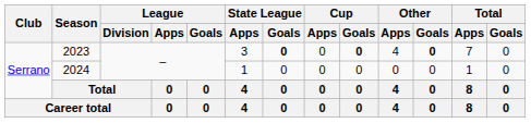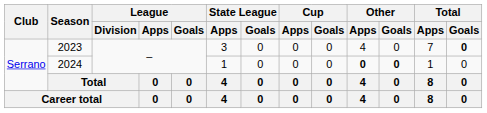 <table class=wikitable style=text-align:center>
 <tr>
 <th rowspan=2>Club</th>
 <th rowspan=2>Season</th>
 <th colspan=3>League</th>
 <th colspan=2>State League</th>
 <th colspan=2>Cup</th>
 <th colspan=2>Other</th>
 <th colspan=2>Total</th>
 </tr>
 <tr>
 <th>Division</th>
 <th>Apps</th>
 <th>Goals</th>
 <th>Apps</th>
 <th>Goals</th>
 <th>Apps</th>
 <th>Goals</th>
 <th>Apps</th>
 <th>Goals</th>
 <th>Apps</th>
 <th>Goals</th>
 </tr>
 <tr>
 <td rowspan=3><a href='#'>Serrano</a></td>
 <td>2023</td>
 <td colspan=3 rowspan=2>–</td>
 <td>3</td>
+<td>0</td>
+<td>0</td>
+<td>0</td>
+<td>4</td>
+<td>0</td>
+<td>7</td>
 <td><strong>0</strong></td>
-<td>0</td>
-<td><strong>0</strong></td>
-<td>4</td>
-<td><strong>0</strong></td>
-<td>7</td>
-<td>0</td>
 </tr>
 <tr>
 <td>2024</td>
 <td>1</td>
 <td>0</td>
 <td>0</td>
 <td>0</td>
-<td>0</td>
-<td>0</td>
+<td><strong>0</strong></td>
+<td><strong>0</strong></td>
 <td>1</td>
 <td>0</td>
 </tr>
 <tr>
 <th colspan=2>Total</th>
 <th>0</th>
 <th>0</th>
 <th>4</th>
 <th>0</th>
 <th>0</th>
 <th>0</th>
 <th>4</th>
 <th>0</th>
 <th>8</th>
 <th>0</th>
 </tr>
 <tr>
 <th colspan=3>Career total</th>
 <th>0</th>
 <th>0</th>
 <th>4</th>
 <th>0</th>
 <th>0</th>
 <th>0</th>
 <th>4</th>
 <th>0</th>
 <th>8</th>
 <th>0</th>
 </tr>
 </table>
